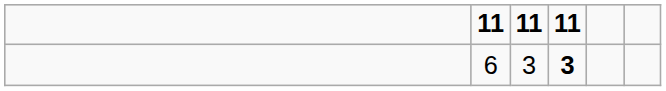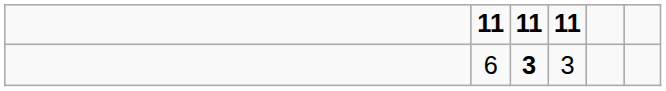 <table class="wikitable">
 <tr>
 <td style="width:18em"><strong></strong></td>
 <td align=center style="width:1em"><strong>11</strong></td>
 <td align=center style="width:1em"><strong>11</strong></td>
 <td align=center style="width:1em"><strong>11</strong></td>
 <td align=center style="width:1em"></td>
 <td align=center style="width:1em"></td>
 </tr>
 <tr>
 <td style="width:18em"></td>
 <td align=center style="width:1em">6</td>
+<td align=center style="width:1em"><strong>3</strong></td>
 <td align=center style="width:1em">3</td>
-<td align=center style="width:1em"><strong>3</strong></td>
 <td align=center style="width:1em"></td>
 <td align=center style="width:1em"></td>
 </tr>
 </table>
